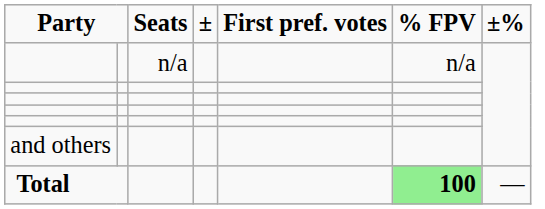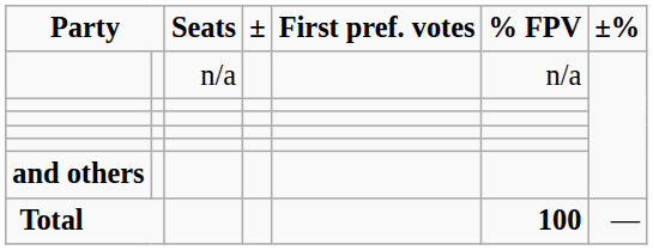 <table class="wikitable">
 <tr>
 <td colspan="2" rowspan="1" align="center" valign="top"><strong>Party</strong></td>
 <td valign="top"><strong>Seats</strong></td>
 <td valign="top" align="center"><strong>±</strong></td>
 <td valign="top"><strong>First pref. votes</strong></td>
 <td valign="top"><strong>% FPV</strong></td>
 <td valign="top" align="center"><strong>±%</strong></td>
 </tr>
 <tr>
 <td></td>
 <td align="right"></td>
 <td align="right">n/a</td>
 <td align="right"></td>
 <td align="right"></td>
 <td align="right">n/a</td>
 </tr>
 <tr>
 <td></td>
 <td align="right"></td>
 <td align="right"></td>
 <td align="right"></td>
 <td align="right"></td>
 <td align="right"></td>
 </tr>
 <tr>
 <td></td>
 <td align="right"></td>
 <td align="right"></td>
 <td align="right"></td>
 <td align="right"></td>
 <td align="right"></td>
 </tr>
 <tr>
 <td></td>
 <td align="right"></td>
 <td align="right"></td>
 <td align="right"></td>
 <td align="right"></td>
 <td align="right"></td>
 </tr>
 <tr>
 <td></td>
 <td align="right"></td>
 <td align="right"></td>
 <td align="right"></td>
 <td align="right"></td>
 <td align="right"></td>
 </tr>
 <tr>
-<td> and others</td>
+<td><strong> and others</strong></td>
 <td align="right"></td>
 <td align="right"></td>
 <td align="right"></td>
 <td align="right"></td>
 <td align="right"></td>
 </tr>
 <tr>
 <td colspan="2" rowspan="1"> <strong>Total</strong></td>
 <td align="right"><strong> </strong></td>
 <td align="right"></td>
 <td align="right"></td>
-<td align="right" style="background: lightgreen;"><strong>100</strong></td>
+<td align="right"><strong>100</strong></td>
 <td align="right">—</td>
 </tr>
 </table>
